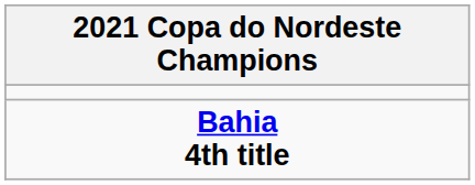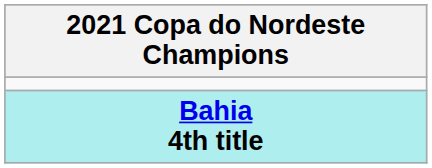 <table class="wikitable" style="text-align: center; margin: 0 auto; width: 20%">
 <tr>
 <th>2021 Copa do Nordeste<br>Champions</th>
 </tr>
 <tr>
 <td></td>
 </tr>
 <tr>
-<td><strong><a href='#'>Bahia</a></strong><br><strong>4th title</strong></td>
+<td style="background: paleturquoise;"><strong><a href='#'>Bahia</a></strong><br><strong>4th title</strong></td>
 </tr>
 </table>
